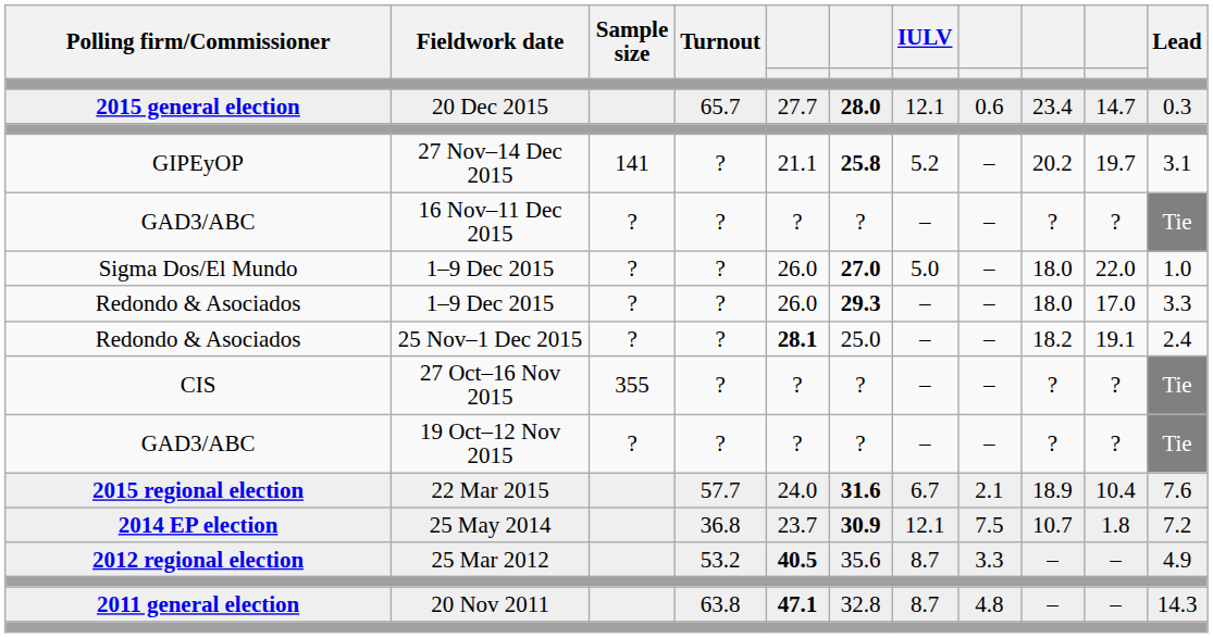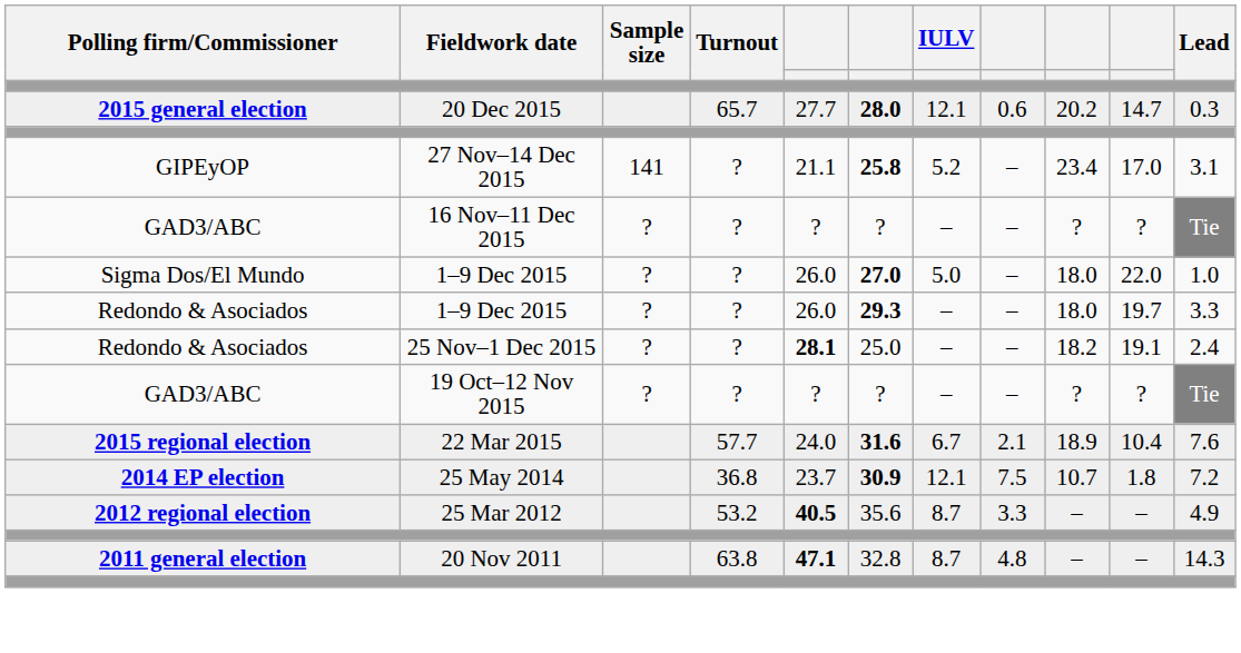 <table class="wikitable collapsible collapsed" style="text-align:center; font-size:95%; line-height:16px;">
 <tr style="height:42px; background-color:#E9E9E9">
 <th style="width:250px;" rowspan="2">Polling firm/Commissioner</th>
 <th style="width:125px;" rowspan="2">Fieldwork date</th>
 <th style="width:50px;" rowspan="2">Sample size</th>
 <th style="width:45px;" rowspan="2">Turnout</th>
 <th style="width:35px;"></th>
 <th style="width:35px;"></th>
 <th style="width:35px;"><a href='#'>IULV</a></th>
 <th style="width:35px;"></th>
 <th style="width:35px;"></th>
 <th style="width:35px;"></th>
 <th style="width:30px;" rowspan="2">Lead</th>
 </tr>
 <tr>
 <th style="color:inherit;background:"></th>
 <th style="color:inherit;background:"></th>
 <th style="color:inherit;background:"></th>
 <th style="color:inherit;background:"></th>
 <th style="color:inherit;background:"></th>
 <th style="color:inherit;background:"></th>
 </tr>
 <tr>
 <td colspan="11" style="background:#A0A0A0"></td>
 </tr>
 <tr style="background:#EFEFEF;">
 <td><strong><a href='#'>2015 general election</a></strong></td>
 <td>20 Dec 2015</td>
 <td></td>
 <td>65.7</td>
 <td>27.7<br></td>
 <td><strong>28.0</strong><br></td>
 <td>12.1<br></td>
 <td>0.6<br></td>
-<td>23.4<br></td>
+<td>20.2<br></td>
 <td>14.7<br></td>
 <td style="background:">0.3</td>
 </tr>
 <tr>
 <td colspan="11" style="background:#A0A0A0"></td>
 </tr>
 <tr>
 <td>GIPEyOP</td>
 <td>27 Nov–14 Dec 2015</td>
 <td>141</td>
 <td>?</td>
 <td>21.1<br></td>
 <td><strong>25.8</strong><br></td>
 <td>5.2<br></td>
 <td>–</td>
-<td>20.2<br></td>
-<td>19.7<br></td>
+<td>23.4<br></td>
+<td>17.0<br></td>
 <td style="background:">3.1</td>
 </tr>
 <tr>
 <td>GAD3/ABC</td>
 <td>16 Nov–11 Dec 2015</td>
 <td>?</td>
 <td>?</td>
 <td>?<br></td>
 <td>?<br></td>
 <td>–</td>
 <td>–</td>
 <td>?<br></td>
 <td>?<br></td>
 <td style="background:gray;color:white;">Tie</td>
 </tr>
 <tr>
 <td>Sigma Dos/El Mundo</td>
 <td>1–9 Dec 2015</td>
 <td>?</td>
 <td>?</td>
 <td>26.0<br></td>
 <td><strong>27.0</strong><br></td>
 <td>5.0<br></td>
 <td>–</td>
 <td>18.0<br></td>
 <td>22.0<br></td>
 <td style="background:">1.0</td>
 </tr>
 <tr>
 <td>Redondo & Asociados</td>
 <td>1–9 Dec 2015</td>
 <td>?</td>
 <td>?</td>
 <td>26.0<br></td>
 <td><strong>29.3</strong><br></td>
 <td>–</td>
 <td>–</td>
 <td>18.0<br></td>
-<td>17.0<br></td>
+<td>19.7<br></td>
 <td style="background:">3.3</td>
 </tr>
 <tr>
 <td>Redondo & Asociados</td>
 <td>25 Nov–1 Dec 2015</td>
 <td>?</td>
 <td>?</td>
 <td><strong>28.1</strong><br></td>
 <td>25.0<br></td>
 <td>–</td>
 <td>–</td>
 <td>18.2<br></td>
 <td>19.1<br></td>
 <td style="background:">2.4</td>
-</tr>
-<tr>
-<td>CIS</td>
-<td>27 Oct–16 Nov 2015</td>
-<td>355</td>
-<td>?</td>
-<td>?<br></td>
-<td>?<br></td>
-<td>–</td>
-<td>–</td>
-<td>?<br></td>
-<td>?<br></td>
-<td style="background:gray;color:white;">Tie</td>
 </tr>
 <tr>
 <td>GAD3/ABC</td>
 <td>19 Oct–12 Nov 2015</td>
 <td>?</td>
 <td>?</td>
 <td>?<br></td>
 <td>?<br></td>
 <td>–</td>
 <td>–</td>
 <td>?<br></td>
 <td>?<br></td>
 <td style="background:gray;color:white;">Tie</td>
 </tr>
 <tr style="background:#EFEFEF;">
 <td><strong><a href='#'>2015 regional election</a></strong></td>
 <td>22 Mar 2015</td>
 <td></td>
 <td>57.7</td>
 <td>24.0<br></td>
 <td><strong>31.6</strong><br></td>
 <td>6.7<br></td>
 <td>2.1<br></td>
 <td>18.9<br></td>
 <td>10.4<br></td>
 <td style="background:">7.6</td>
 </tr>
 <tr style="background:#EFEFEF;">
 <td><strong><a href='#'>2014 EP election</a></strong></td>
 <td>25 May 2014</td>
 <td></td>
 <td>36.8</td>
 <td>23.7<br></td>
 <td><strong>30.9</strong><br></td>
 <td>12.1<br></td>
 <td>7.5<br></td>
 <td>10.7<br></td>
 <td>1.8<br></td>
 <td style="background:">7.2</td>
 </tr>
 <tr style="background:#EFEFEF;">
 <td><strong><a href='#'>2012 regional election</a></strong></td>
 <td>25 Mar 2012</td>
 <td></td>
 <td>53.2</td>
 <td><strong>40.5</strong><br></td>
 <td>35.6<br></td>
 <td>8.7<br></td>
 <td>3.3<br></td>
 <td>–</td>
 <td>–</td>
 <td style="background:">4.9</td>
 </tr>
 <tr>
 <td colspan="11" style="background:#A0A0A0"></td>
 </tr>
 <tr style="background:#EFEFEF;">
 <td><strong><a href='#'>2011 general election</a></strong></td>
 <td>20 Nov 2011</td>
 <td></td>
 <td>63.8</td>
 <td><strong>47.1</strong><br></td>
 <td>32.8<br></td>
 <td>8.7<br></td>
 <td>4.8<br></td>
 <td>–</td>
 <td>–</td>
 <td style="background:">14.3</td>
 </tr>
 <tr>
 <td colspan="11" style="background:#A0A0A0"></td>
 </tr>
 </table>
